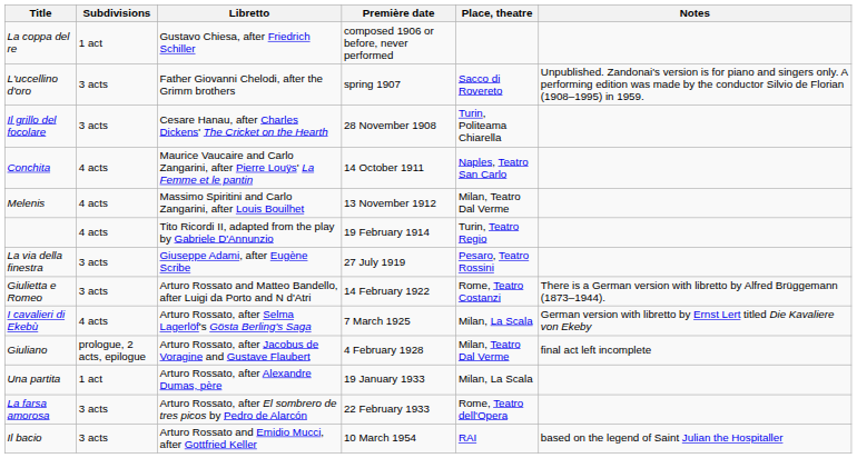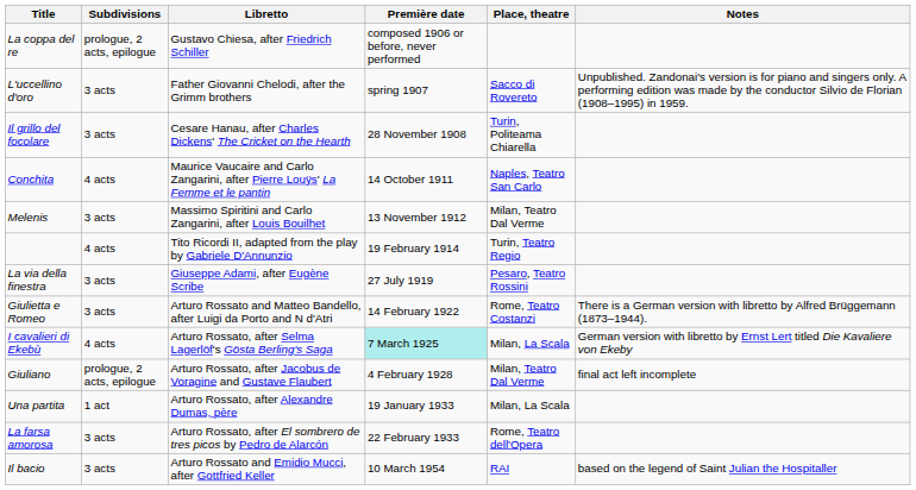 <table class="wikitable sortable">
 <tr>
 <th>Title</th>
 <th>Sub­divisions</th>
 <th>Libretto</th>
 <th>Première date</th>
 <th>Place, theatre</th>
 <th class="unsortable">Notes</th>
 </tr>
 <tr>
 <td><em>La coppa del re</em></td>
-<td>1 act</td>
+<td>prologue, 2 acts, epilogue</td>
 <td>Gustavo Chiesa, after <a href='#'>Friedrich Schiller</a></td>
 <td>composed 1906 or before, never performed</td>
 <td> </td>
 <td></td>
 </tr>
 <tr>
 <td><em>L'uccellino d'oro</em></td>
 <td>3 acts</td>
 <td>Father Giovanni Chelodi, after the Grimm brothers</td>
 <td>spring 1907</td>
 <td><a href='#'>Sacco di Rovereto</a></td>
 <td>Unpublished. Zandonai's version is for piano and singers only. A performing edition was made by the conductor Silvio de Florian (1908–1995) in 1959.</td>
 </tr>
 <tr>
 <td><em><a href='#'>Il grillo del focolare</a></em></td>
 <td>3 acts</td>
 <td>Cesare Hanau, after <a href='#'>Charles Dickens</a>' <em><a href='#'>The Cricket on the Hearth</a></em></td>
 <td>28 November 1908</td>
 <td><a href='#'>Turin</a>, Politeama Chiarella</td>
 <td></td>
 </tr>
 <tr>
 <td><em><a href='#'>Conchita</a></em></td>
 <td>4 acts</td>
 <td>Maurice Vaucaire and Carlo Zangarini, after <a href='#'>Pierre Louÿs</a>' <em><a href='#'>La Femme et le pantin</a></em></td>
 <td>14 October 1911</td>
 <td><a href='#'>Naples</a>, <a href='#'>Teatro San Carlo</a></td>
 <td></td>
 </tr>
 <tr>
 <td><em>Melenis</em></td>
-<td>4 acts</td>
+<td>3 acts</td>
 <td>Massimo Spiritini and Carlo Zangarini, after <a href='#'>Louis Bouilhet</a></td>
 <td>13 November 1912</td>
 <td>Milan, Teatro Dal Verme</td>
 <td></td>
 </tr>
 <tr>
 <td></td>
 <td>4 acts</td>
 <td>Tito Ricordi II, adapted from the play by <a href='#'>Gabriele D'Annunzio</a></td>
 <td>19 February 1914</td>
 <td>Turin, <a href='#'>Teatro Regio</a></td>
 <td></td>
 </tr>
 <tr>
 <td><em>La via della finestra</em></td>
 <td>3 acts</td>
 <td><a href='#'>Giuseppe Adami</a>, after <a href='#'>Eugène Scribe</a></td>
 <td>27 July 1919</td>
 <td><a href='#'>Pesaro</a>, <a href='#'>Teatro Rossini</a></td>
 <td></td>
 </tr>
 <tr>
 <td><em>Giulietta e Romeo</em></td>
 <td>3 acts</td>
 <td>Arturo Rossato and Matteo Bandello, after Luigi da Porto and N d'Atri</td>
 <td>14 February 1922</td>
 <td>Rome, <a href='#'>Teatro Costanzi</a></td>
 <td>There is a German version with libretto by Alfred Brüggemann (1873–1944).</td>
 </tr>
 <tr>
 <td><em><a href='#'>I cavalieri di Ekebù</a></em></td>
 <td>4 acts</td>
 <td>Arturo Rossato, after <a href='#'>Selma Lagerlöf</a>'s <em><a href='#'>Gösta Berling's Saga</a></em></td>
-<td>7 March 1925</td>
+<td style="background: paleturquoise;">7 March 1925</td>
 <td>Milan, <a href='#'>La Scala</a></td>
 <td>German version with libretto by <a href='#'>Ernst Lert</a> titled <em>Die Kavaliere von Ekeby</em></td>
 </tr>
 <tr>
 <td><em>Giuliano</em></td>
 <td>prologue, 2 acts, epilogue</td>
 <td>Arturo Rossato, after <a href='#'>Jacobus de Voragine</a> and <a href='#'>Gustave Flaubert</a></td>
 <td>4 February 1928</td>
 <td>Milan, <a href='#'>Teatro Dal Verme</a></td>
 <td>final act left incomplete</td>
 </tr>
 <tr>
 <td><em>Una partita</em></td>
 <td>1 act</td>
 <td>Arturo Rossato, after <a href='#'>Alexandre Dumas, père</a></td>
 <td>19 January 1933</td>
 <td>Milan, La Scala</td>
 <td></td>
 </tr>
 <tr>
 <td><em><a href='#'>La farsa amorosa</a></em></td>
 <td>3 acts</td>
 <td>Arturo Rossato, after <em>El sombrero de tres picos</em> by <a href='#'>Pedro de Alarcón</a></td>
 <td>22 February 1933</td>
 <td>Rome, <a href='#'>Teatro dell'Opera</a></td>
 <td></td>
 </tr>
 <tr>
 <td><em>Il bacio</em></td>
 <td>3 acts</td>
 <td>Arturo Rossato and <a href='#'>Emidio Mucci</a>, after <a href='#'>Gottfried Keller</a></td>
 <td>10 March 1954</td>
 <td><a href='#'>RAI</a></td>
 <td>based on the legend of Saint <a href='#'>Julian the Hospitaller</a></td>
 </tr>
 </table>
